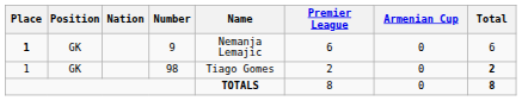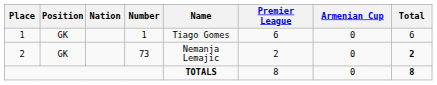 <table class="wikitable" style="font-size: 95%; text-align: center;">
 <tr>
 <th width=60>Place</th>
 <th width=60>Position</th>
 <th width=60>Nation</th>
 <th width=60>Number</th>
 <th width=200>Name</th>
 <th width=200><a href='#'>Premier League</a></th>
 <th width=200><a href='#'>Armenian Cup</a></th>
 <th width=80><strong>Total</strong></th>
 </tr>
 <tr>
-<td><strong>1</strong></td>
+<td>1</td>
 <td>GK</td>
 <td></td>
-<td>9</td>
-<td>Nemanja Lemajic</td>
+<td>1</td>
+<td>Tiago Gomes</td>
 <td>6</td>
 <td>0</td>
 <td>6</td>
 </tr>
 <tr>
-<td>1</td>
+<td>2</td>
 <td>GK</td>
 <td></td>
-<td>98</td>
-<td>Tiago Gomes</td>
+<td>73</td>
+<td>Nemanja Lemajic</td>
 <td>2</td>
 <td>0</td>
 <td><strong>2</strong></td>
 </tr>
 <tr>
 <td colspan="4"></td>
 <td><strong>TOTALS</strong></td>
 <td>8</td>
 <td>0</td>
 <td><strong>8</strong></td>
 </tr>
 </table>
